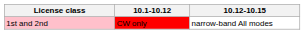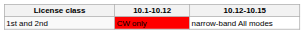 <table class="wikitable" style="font-size:70%">
 <tr>
 <th style="width: 150px;">License class</th>
 <th style="width: 100px;">10.1-10.12</th>
 <th style="width: 150px;">10.12-10.15</th>
 </tr>
 <tr>
-<td style="background: pink;">1st and 2nd</td>
+<td>1st and 2nd</td>
 <td style="background-color: red">CW only</td>
 <td style="background-color: white">narrow-band All modes</td>
 </tr>
 </table>
